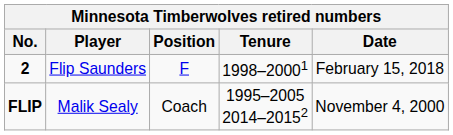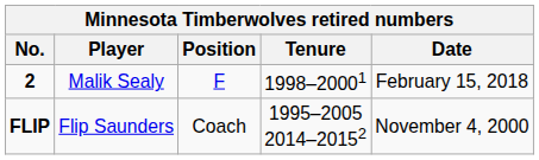 <table class="wikitable" style="text-align:center">
 <tr>
 <th colspan="5">Minnesota Timberwolves retired numbers</th>
 </tr>
 <tr>
 <th>No.</th>
 <th>Player</th>
 <th>Position</th>
 <th>Tenure</th>
 <th>Date</th>
 </tr>
 <tr>
 <td><strong>2</strong></td>
-<td><a href='#'>Flip Saunders</a></td>
+<td><a href='#'>Malik Sealy</a></td>
 <td><a href='#'>F</a></td>
 <td>1998–2000<sup>1</sup></td>
 <td>February 15, 2018</td>
 </tr>
 <tr>
 <td><strong>FLIP</strong></td>
-<td><a href='#'>Malik Sealy</a></td>
+<td><a href='#'>Flip Saunders</a></td>
 <td>Coach</td>
 <td>1995–2005<br>2014–2015<sup>2</sup></td>
 <td>November 4, 2000</td>
 </tr>
 </table>
